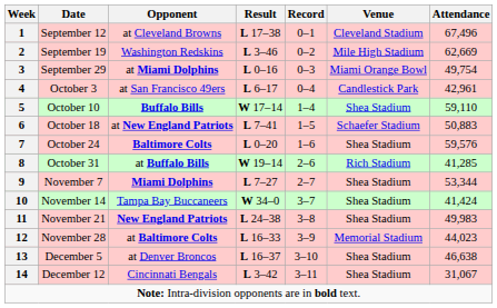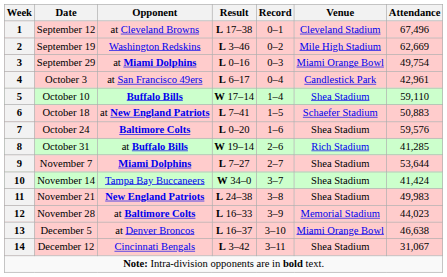 <table class="wikitable" style="text-align:center">
 <tr>
 <th>Week</th>
 <th>Date</th>
 <th>Opponent</th>
 <th>Result</th>
 <th>Record</th>
 <th>Venue</th>
 <th>Attendance</th>
 </tr>
 <tr style="background:#fcc">
 <th>1</th>
 <td>September 12</td>
 <td>at <a href='#'>Cleveland Browns</a></td>
 <td><strong>L</strong> 17–38</td>
 <td>0–1</td>
 <td><a href='#'>Cleveland Stadium</a></td>
 <td>67,496</td>
 </tr>
 <tr style="background:#fcc">
 <th>2</th>
 <td>September 19</td>
 <td><a href='#'>Washington Redskins</a></td>
 <td><strong>L</strong> 3–46</td>
 <td>0–2</td>
 <td><a href='#'>Mile High Stadium</a></td>
 <td>62,669</td>
 </tr>
 <tr style="background:#fcc">
 <th>3</th>
 <td>September 29</td>
 <td>at <strong><a href='#'>Miami Dolphins</a></strong></td>
 <td><strong>L</strong> 0–16</td>
 <td>0–3</td>
 <td><a href='#'>Miami Orange Bowl</a></td>
 <td>49,754</td>
 </tr>
 <tr style="background:#fcc">
 <th>4</th>
 <td>October 3</td>
 <td>at <a href='#'>San Francisco 49ers</a></td>
 <td><strong>L</strong> 6–17</td>
 <td>0–4</td>
 <td><a href='#'>Candlestick Park</a></td>
 <td>42,961</td>
 </tr>
 <tr style="background:#cfc">
 <th>5</th>
 <td>October 10</td>
 <td><strong><a href='#'>Buffalo Bills</a></strong></td>
 <td><strong>W</strong> 17–14</td>
 <td>1–4</td>
 <td><a href='#'>Shea Stadium</a></td>
 <td>59,110</td>
 </tr>
 <tr style="background:#fcc">
 <th>6</th>
 <td>October 18</td>
 <td>at <strong><a href='#'>New England Patriots</a></strong></td>
 <td><strong>L</strong> 7–41</td>
 <td>1–5</td>
 <td><a href='#'>Schaefer Stadium</a></td>
 <td>50,883</td>
 </tr>
 <tr style="background:#fcc">
 <th>7</th>
 <td>October 24</td>
 <td><strong><a href='#'>Baltimore Colts</a></strong></td>
 <td><strong>L</strong> 0–20</td>
 <td>1–6</td>
 <td>Shea Stadium</td>
 <td>59,576</td>
 </tr>
 <tr style="background:#cfc">
 <th>8</th>
 <td>October 31</td>
 <td>at <strong><a href='#'>Buffalo Bills</a></strong></td>
 <td><strong>W</strong> 19–14</td>
 <td>2–6</td>
 <td><a href='#'>Rich Stadium</a></td>
 <td>41,285</td>
 </tr>
 <tr style="background:#fcc">
 <th>9</th>
 <td>November 7</td>
 <td><strong><a href='#'>Miami Dolphins</a></strong></td>
 <td><strong>L</strong> 7–27</td>
 <td>2–7</td>
 <td>Shea Stadium</td>
-<td>53,344</td>
+<td>53,644</td>
 </tr>
 <tr style="background:#cfc">
 <th>10</th>
 <td>November 14</td>
 <td><a href='#'>Tampa Bay Buccaneers</a></td>
 <td><strong>W</strong> 34–0</td>
 <td>3–7</td>
 <td>Shea Stadium</td>
 <td>41,424</td>
 </tr>
 <tr style="background:#fcc">
 <th>11</th>
 <td>November 21</td>
 <td><strong><a href='#'>New England Patriots</a></strong></td>
 <td><strong>L</strong> 24–38</td>
 <td>3–8</td>
 <td>Shea Stadium</td>
 <td>49,983</td>
 </tr>
 <tr style="background:#fcc">
 <th>12</th>
 <td>November 28</td>
 <td>at <strong><a href='#'>Baltimore Colts</a></strong></td>
 <td><strong>L</strong> 16–33</td>
 <td>3–9</td>
 <td><a href='#'>Memorial Stadium</a></td>
 <td>44,023</td>
 </tr>
 <tr style="background:#fcc">
 <th>13</th>
 <td>December 5</td>
 <td>at <a href='#'>Denver Broncos</a></td>
 <td><strong>L</strong> 16–37</td>
 <td>3–10</td>
-<td>Shea Stadium</td>
+<td><a href='#'>Miami Orange Bowl</a></td>
 <td>46,638</td>
 </tr>
 <tr style="background:#fcc">
 <th>14</th>
 <td>December 12</td>
 <td><a href='#'>Cincinnati Bengals</a></td>
 <td><strong>L</strong> 3–42</td>
 <td>3–11</td>
 <td>Shea Stadium</td>
 <td>31,067</td>
 </tr>
 <tr>
 <td colspan="8"><strong>Note:</strong> Intra-division opponents are in <strong>bold</strong> text.</td>
 </tr>
 </table>
